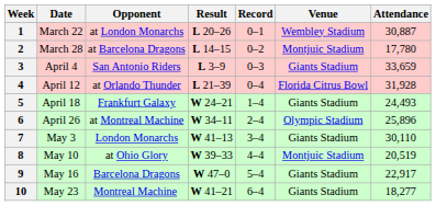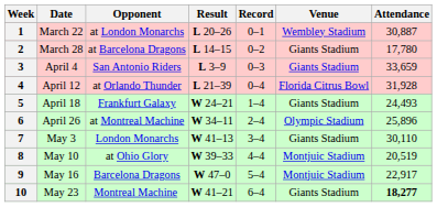 <table class="wikitable" style="text-align:center;">
 <tr>
 <th>Week</th>
 <th>Date</th>
 <th>Opponent</th>
 <th>Result</th>
 <th>Record</th>
 <th>Venue</th>
 <th>Attendance</th>
 </tr>
 <tr style="background:#fcc">
 <th>1</th>
 <td>March 22</td>
 <td>at <a href='#'>London Monarchs</a></td>
 <td><strong>L</strong> 20–26 </td>
 <td>0–1</td>
 <td><a href='#'>Wembley Stadium</a></td>
 <td>30,887</td>
 </tr>
 <tr style="background:#fcc">
 <th>2</th>
 <td>March 28</td>
 <td>at <a href='#'>Barcelona Dragons</a></td>
 <td><strong>L</strong> 14–15</td>
 <td>0–2</td>
-<td><a href='#'>Montjuic Stadium</a></td>
+<td>Giants Stadium</td>
 <td>17,780</td>
 </tr>
 <tr style="background:#fcc">
 <th>3</th>
 <td>April 4</td>
 <td><a href='#'>San Antonio Riders</a></td>
 <td><strong>L</strong> 3–9</td>
 <td>0–3</td>
 <td><a href='#'>Giants Stadium</a></td>
 <td>33,659</td>
 </tr>
 <tr style="background:#fcc">
 <th>4</th>
 <td>April 12</td>
 <td>at <a href='#'>Orlando Thunder</a></td>
 <td><strong>L</strong> 21–39</td>
 <td>0–4</td>
 <td><a href='#'>Florida Citrus Bowl</a></td>
 <td>31,928</td>
 </tr>
 <tr style="background:#cfc">
 <th>5</th>
 <td>April 18</td>
 <td><a href='#'>Frankfurt Galaxy</a></td>
 <td><strong>W</strong> 24–21</td>
 <td>1–4</td>
 <td>Giants Stadium</td>
 <td>24,493</td>
 </tr>
 <tr style="background:#cfc">
 <th>6</th>
 <td>April 26</td>
 <td>at <a href='#'>Montreal Machine</a></td>
 <td><strong>W</strong> 34–11</td>
 <td>2–4</td>
 <td><a href='#'>Olympic Stadium</a></td>
 <td>25,896</td>
 </tr>
 <tr style="background:#cfc">
 <th>7</th>
 <td>May 3</td>
 <td><a href='#'>London Monarchs</a></td>
 <td><strong>W</strong> 41–13</td>
 <td>3–4</td>
 <td>Giants Stadium</td>
 <td>30,110</td>
 </tr>
 <tr style="background:#cfc">
 <th>8</th>
 <td>May 10</td>
 <td>at <a href='#'>Ohio Glory</a></td>
 <td><strong>W</strong> 39–33 </td>
 <td>4–4</td>
 <td><a href='#'>Montjuic Stadium</a></td>
 <td>20,519</td>
 </tr>
 <tr style="background:#cfc">
 <th>9</th>
 <td>May 16</td>
 <td><a href='#'>Barcelona Dragons</a></td>
 <td><strong>W</strong> 47–0</td>
 <td>5–4</td>
-<td>Giants Stadium</td>
+<td><a href='#'>Montjuic Stadium</a></td>
 <td>22,917</td>
 </tr>
 <tr style="background:#cfc">
 <th>10</th>
 <td>May 23</td>
 <td><a href='#'>Montreal Machine</a> </td>
 <td><strong>W</strong> 41–21</td>
 <td>6–4</td>
 <td>Giants Stadium</td>
-<td>18,277</td>
+<td><strong>18,277</strong></td>
 </tr>
 </table>
